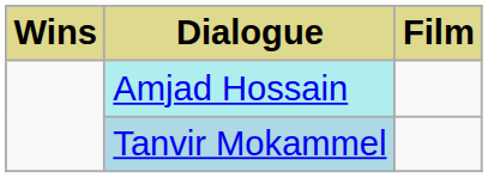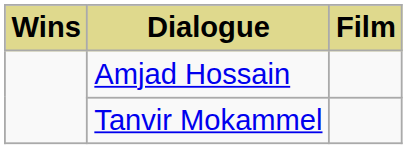 <table class="wikitable">
 <tr>
 <th style="background:#DFD98D;">Wins</th>
 <th style="background:#DFD98D;">Dialogue</th>
 <th style="background:#DFD98D;">Film</th>
 </tr>
 <tr>
 <td rowspan="2"></td>
-<td style="background: paleturquoise;"><a href='#'>Amjad Hossain</a></td>
+<td><a href='#'>Amjad Hossain</a></td>
 <td></td>
 </tr>
 <tr>
-<td style="background: lightblue;"><a href='#'>Tanvir Mokammel</a></td>
+<td><a href='#'>Tanvir Mokammel</a></td>
 <td></td>
 </tr>
 </table>
